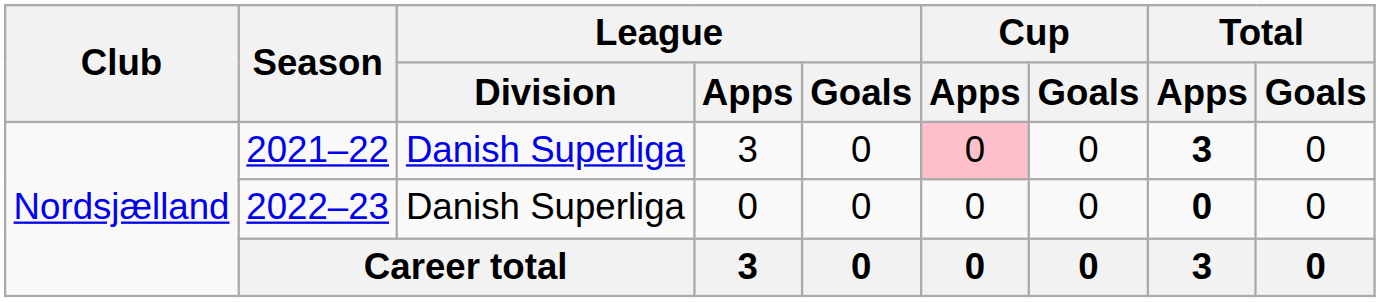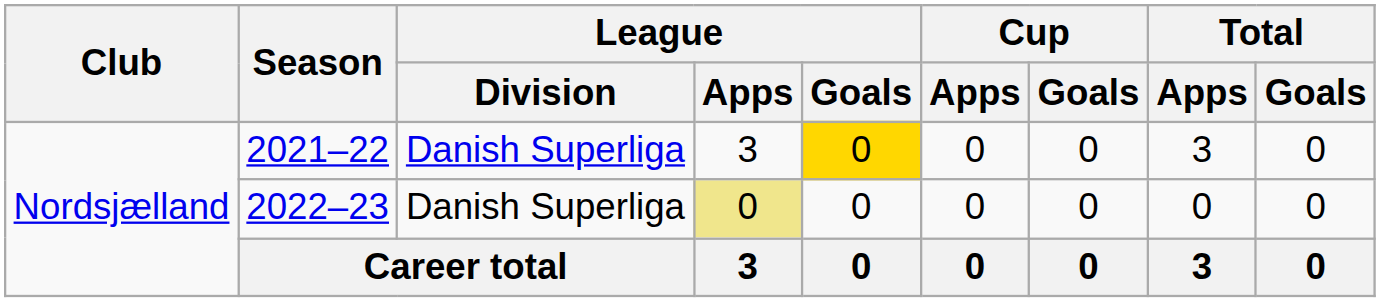 <table class="wikitable" style="text-align: center">
 <tr>
 <th rowspan="2">Club</th>
 <th rowspan="2">Season</th>
 <th colspan="3">League</th>
 <th colspan="2">Cup</th>
 <th colspan="2">Total</th>
 </tr>
 <tr>
 <th>Division</th>
 <th>Apps</th>
 <th>Goals</th>
 <th>Apps</th>
 <th>Goals</th>
 <th>Apps</th>
 <th>Goals</th>
 </tr>
 <tr>
 <td rowspan=3><a href='#'>Nordsjælland</a></td>
 <td><a href='#'>2021–22</a></td>
 <td><a href='#'>Danish Superliga</a></td>
 <td>3</td>
+<td style="background: gold;">0</td>
 <td>0</td>
-<td style="background: pink;">0</td>
 <td>0</td>
-<td><strong>3</strong></td>
+<td>3</td>
 <td>0</td>
 </tr>
 <tr>
 <td><a href='#'>2022–23</a></td>
 <td>Danish Superliga</td>
+<td style="background: khaki;">0</td>
 <td>0</td>
 <td>0</td>
 <td>0</td>
 <td>0</td>
-<td><strong>0</strong></td>
 <td>0</td>
 </tr>
 <tr>
 <th colspan="2">Career total</th>
 <th>3</th>
 <th>0</th>
 <th>0</th>
 <th>0</th>
 <th>3</th>
 <th>0</th>
 </tr>
 </table>
